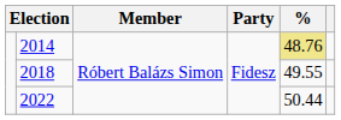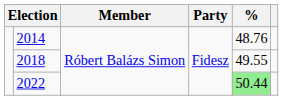 <table class=wikitable>
 <tr>
 <th colspan=2>Election</th>
 <th>Member</th>
 <th>Party</th>
 <th>%</th>
 <th></th>
 </tr>
 <tr>
 <td rowspan=3 bgcolor=></td>
 <td><a href='#'>2014</a></td>
 <td rowspan=3><a href='#'>Róbert Balázs Simon</a></td>
 <td rowspan=3><a href='#'>Fidesz</a></td>
-<td align=right style="background: khaki;">48.76</td>
+<td align=right>48.76</td>
 <td align=center></td>
 </tr>
 <tr>
 <td><a href='#'>2018</a></td>
 <td align=right>49.55</td>
 <td align=center></td>
 </tr>
 <tr>
 <td><a href='#'>2022</a></td>
-<td align=right>50.44</td>
+<td align=right style="background: lightgreen;">50.44</td>
 <td align=center></td>
 </tr>
 </table>
